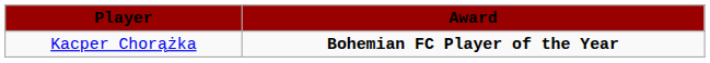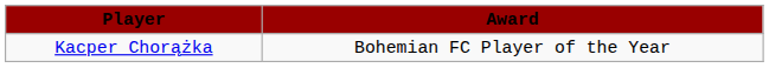 <table class="wikitable" style="text-align:center;width:90%;">
 <tr>
 <th style=background:#990000;color:#000000>Player</th>
 <th style=background:#990000;color:#000000>Award</th>
 </tr>
 <tr>
 <td><a href='#'>Kacper Chorążka</a></td>
-<td><strong>Bohemian FC Player of the Year</strong></td>
+<td>Bohemian FC Player of the Year</td>
 </tr>
 </table>
